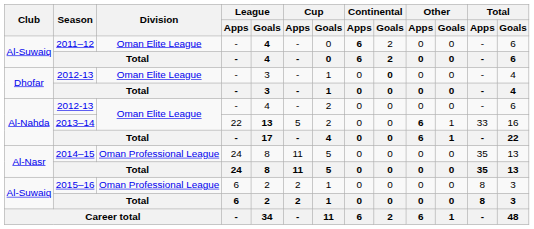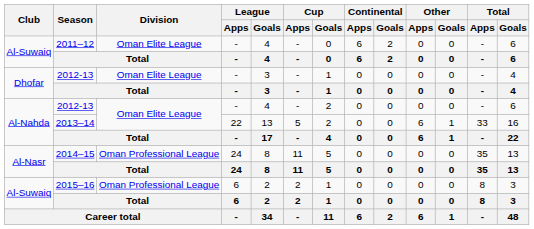 <table class="wikitable" style="text-align: center;">
 <tr>
 <th rowspan="2">Club</th>
 <th rowspan="2">Season</th>
 <th rowspan="2">Division</th>
 <th colspan="2">League</th>
 <th colspan="2">Cup</th>
 <th colspan="2">Continental</th>
 <th colspan="2">Other</th>
 <th colspan="2">Total</th>
 </tr>
 <tr>
 <th>Apps</th>
 <th>Goals</th>
 <th>Apps</th>
 <th>Goals</th>
 <th>Apps</th>
 <th>Goals</th>
 <th>Apps</th>
 <th>Goals</th>
 <th>Apps</th>
 <th>Goals</th>
 </tr>
 <tr>
 <td rowspan="2"><a href='#'>Al-Suwaiq</a></td>
 <td><a href='#'>2011–12</a></td>
 <td rowspan="1"><a href='#'>Oman Elite League</a></td>
 <td>-</td>
-<td><strong>4</strong></td>
+<td>4</td>
 <td>-</td>
 <td>0</td>
-<td><strong>6</strong></td>
+<td>6</td>
 <td>2</td>
 <td>0</td>
 <td>0</td>
 <td>-</td>
 <td>6</td>
 </tr>
 <tr>
 <th colspan="2">Total</th>
 <th>-</th>
 <th>4</th>
 <th>-</th>
 <th>0</th>
 <th>6</th>
 <th>2</th>
 <th>0</th>
 <th>0</th>
 <th>-</th>
 <th>6</th>
 </tr>
 <tr>
 <td rowspan="2"><a href='#'>Dhofar</a></td>
 <td><a href='#'>2012-13</a></td>
 <td rowspan="1"><a href='#'>Oman Elite League</a></td>
 <td>-</td>
 <td>3</td>
 <td>-</td>
 <td>1</td>
 <td>0</td>
-<td><strong>0</strong></td>
+<td>0</td>
 <td>0</td>
 <td>0</td>
 <td>-</td>
 <td>4</td>
 </tr>
 <tr>
 <th colspan="2">Total</th>
 <th>-</th>
 <th>3</th>
 <th>-</th>
 <th>1</th>
 <th>0</th>
 <th>0</th>
 <th>0</th>
 <th>0</th>
 <th>-</th>
 <th>4</th>
 </tr>
 <tr>
 <td rowspan="3"><a href='#'>Al-Nahda</a></td>
 <td><a href='#'>2012-13</a></td>
 <td rowspan="2"><a href='#'>Oman Elite League</a></td>
 <td>-</td>
 <td>4</td>
 <td>-</td>
 <td>2</td>
 <td>0</td>
 <td>0</td>
 <td>0</td>
 <td>0</td>
 <td>-</td>
 <td>6</td>
 </tr>
 <tr>
 <td><a href='#'>2013–14</a></td>
 <td>22</td>
-<td><strong>13</strong></td>
+<td>13</td>
 <td>5</td>
 <td>2</td>
 <td>0</td>
 <td>0</td>
-<td><strong>6</strong></td>
+<td>6</td>
 <td>1</td>
 <td>33</td>
 <td>16</td>
 </tr>
 <tr>
 <th colspan="2">Total</th>
 <th>-</th>
 <th>17</th>
 <th>-</th>
 <th>4</th>
 <th>0</th>
 <th>0</th>
 <th>6</th>
 <th>1</th>
 <th>-</th>
 <th>22</th>
 </tr>
 <tr>
 <td rowspan="2"><a href='#'>Al-Nasr</a></td>
 <td><a href='#'>2014–15</a></td>
 <td rowspan="1"><a href='#'>Oman Professional League</a></td>
 <td>24</td>
 <td>8</td>
 <td>11</td>
 <td>5</td>
 <td>0</td>
 <td>0</td>
 <td>0</td>
 <td>0</td>
 <td>35</td>
 <td>13</td>
 </tr>
 <tr>
 <th colspan="2">Total</th>
 <th>24</th>
 <th>8</th>
 <th>11</th>
 <th>5</th>
 <th>0</th>
 <th>0</th>
 <th>0</th>
 <th>0</th>
 <th>35</th>
 <th>13</th>
 </tr>
 <tr>
 <td rowspan="2"><a href='#'>Al-Suwaiq</a></td>
 <td><a href='#'>2015–16</a></td>
 <td rowspan="1"><a href='#'>Oman Professional League</a></td>
 <td>6</td>
 <td>2</td>
 <td>2</td>
 <td>1</td>
 <td>0</td>
 <td>0</td>
 <td>0</td>
 <td>0</td>
 <td>8</td>
 <td>3</td>
 </tr>
 <tr>
 <th colspan="2">Total</th>
 <th>6</th>
 <th>2</th>
 <th>2</th>
 <th>1</th>
 <th>0</th>
 <th>0</th>
 <th>0</th>
 <th>0</th>
 <th>8</th>
 <th>3</th>
 </tr>
 <tr>
 <th colspan="3">Career total</th>
 <th>-</th>
 <th>34</th>
 <th>-</th>
 <th>11</th>
 <th>6</th>
 <th>2</th>
 <th>6</th>
 <th>1</th>
 <th>-</th>
 <th>48</th>
 </tr>
 </table>
